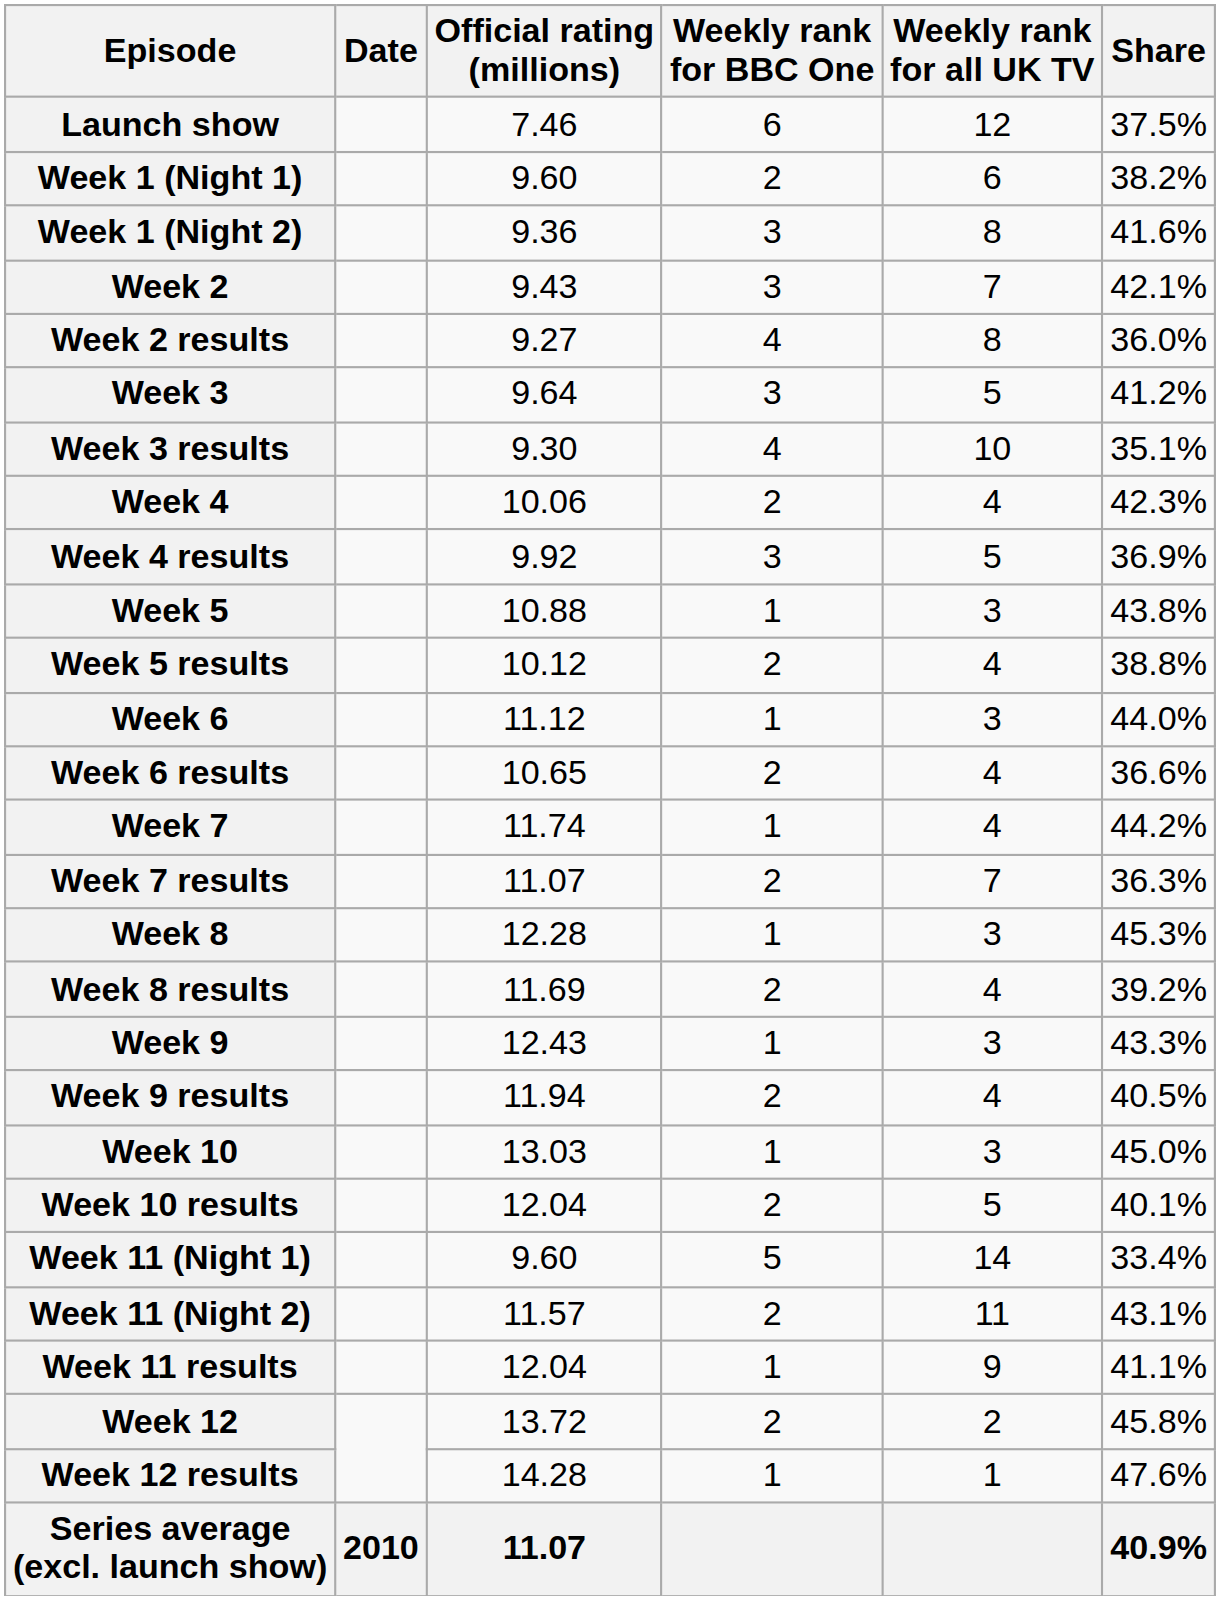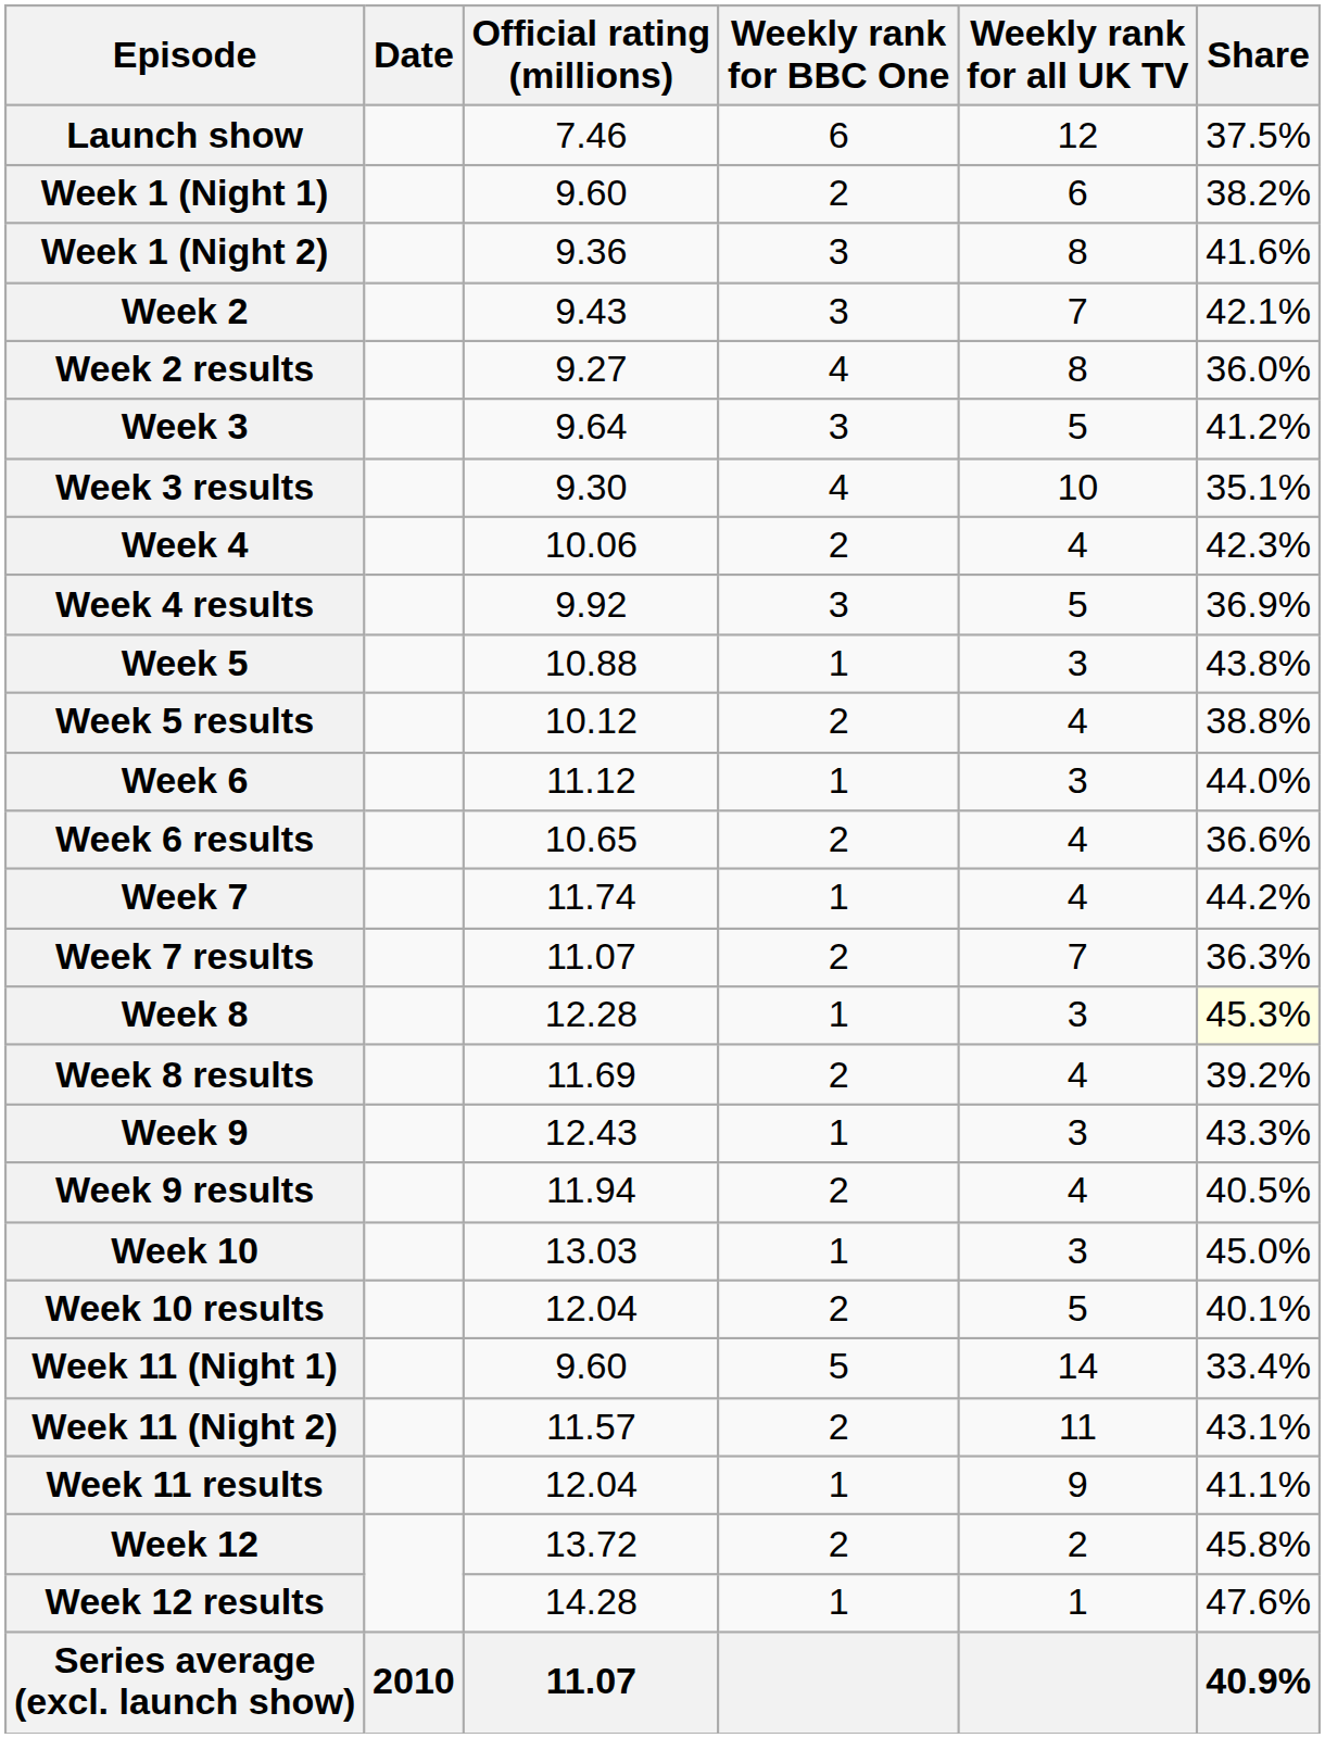 <table class="wikitable sortable" style="text-align:center">
 <tr>
 <th scope="col">Episode</th>
 <th scope="col">Date</th>
 <th scope="col">Official rating<br>(millions)</th>
 <th scope="col">Weekly rank<br>for BBC One</th>
 <th scope="col">Weekly rank<br>for all UK TV</th>
 <th scope="col">Share</th>
 </tr>
 <tr>
 <th scope="row">Launch show</th>
 <td></td>
 <td>7.46</td>
 <td>6</td>
 <td>12</td>
 <td>37.5%</td>
 </tr>
 <tr>
 <th scope="row">Week 1 (Night 1)</th>
 <td></td>
 <td>9.60</td>
 <td>2</td>
 <td>6</td>
 <td>38.2%</td>
 </tr>
 <tr>
 <th scope="row">Week 1 (Night 2)</th>
 <td></td>
 <td>9.36</td>
 <td>3</td>
 <td>8</td>
 <td>41.6%</td>
 </tr>
 <tr>
 <th scope="row">Week 2</th>
 <td></td>
 <td>9.43</td>
 <td>3</td>
 <td>7</td>
 <td>42.1%</td>
 </tr>
 <tr>
 <th scope="row">Week 2 results</th>
 <td></td>
 <td>9.27</td>
 <td>4</td>
 <td>8</td>
 <td>36.0%</td>
 </tr>
 <tr>
 <th scope="row">Week 3</th>
 <td></td>
 <td>9.64</td>
 <td>3</td>
 <td>5</td>
 <td>41.2%</td>
 </tr>
 <tr>
 <th scope="row">Week 3 results</th>
 <td></td>
 <td>9.30</td>
 <td>4</td>
 <td>10</td>
 <td>35.1%</td>
 </tr>
 <tr>
 <th scope="row">Week 4</th>
 <td></td>
 <td>10.06</td>
 <td>2</td>
 <td>4</td>
 <td>42.3%</td>
 </tr>
 <tr>
 <th scope="row">Week 4 results</th>
 <td></td>
 <td>9.92</td>
 <td>3</td>
 <td>5</td>
 <td>36.9%</td>
 </tr>
 <tr>
 <th scope="row">Week 5</th>
 <td></td>
 <td>10.88</td>
 <td>1</td>
 <td>3</td>
 <td>43.8%</td>
 </tr>
 <tr>
 <th scope="row">Week 5 results</th>
 <td></td>
 <td>10.12</td>
 <td>2</td>
 <td>4</td>
 <td>38.8%</td>
 </tr>
 <tr>
 <th scope="row">Week 6</th>
 <td></td>
 <td>11.12</td>
 <td>1</td>
 <td>3</td>
 <td>44.0%</td>
 </tr>
 <tr>
 <th scope="row">Week 6 results</th>
 <td></td>
 <td>10.65</td>
 <td>2</td>
 <td>4</td>
 <td>36.6%</td>
 </tr>
 <tr>
 <th scope="row">Week 7</th>
 <td></td>
 <td>11.74</td>
 <td>1</td>
 <td>4</td>
 <td>44.2%</td>
 </tr>
 <tr>
 <th scope="row">Week 7 results</th>
 <td></td>
 <td>11.07</td>
 <td>2</td>
 <td>7</td>
 <td>36.3%</td>
 </tr>
 <tr>
 <th scope="row">Week 8</th>
 <td></td>
 <td>12.28</td>
 <td>1</td>
 <td>3</td>
-<td>45.3%</td>
+<td style="background: lightyellow;">45.3%</td>
 </tr>
 <tr>
 <th scope="row">Week 8 results</th>
 <td></td>
 <td>11.69</td>
 <td>2</td>
 <td>4</td>
 <td>39.2%</td>
 </tr>
 <tr>
 <th scope="row">Week 9</th>
 <td></td>
 <td>12.43</td>
 <td>1</td>
 <td>3</td>
 <td>43.3%</td>
 </tr>
 <tr>
 <th scope="row">Week 9 results</th>
 <td></td>
 <td>11.94</td>
 <td>2</td>
 <td>4</td>
 <td>40.5%</td>
 </tr>
 <tr>
 <th scope="row">Week 10</th>
 <td></td>
 <td>13.03</td>
 <td>1</td>
 <td>3</td>
 <td>45.0%</td>
 </tr>
 <tr>
 <th scope="row">Week 10 results</th>
 <td></td>
 <td>12.04</td>
 <td>2</td>
 <td>5</td>
 <td>40.1%</td>
 </tr>
 <tr>
 <th scope="row">Week 11 (Night 1)</th>
 <td></td>
 <td>9.60</td>
 <td>5</td>
 <td>14</td>
 <td>33.4%</td>
 </tr>
 <tr>
 <th scope="row">Week 11 (Night 2)</th>
 <td></td>
 <td>11.57</td>
 <td>2</td>
 <td>11</td>
 <td>43.1%</td>
 </tr>
 <tr>
 <th scope="row">Week 11 results</th>
 <td></td>
 <td>12.04</td>
 <td>1</td>
 <td>9</td>
 <td>41.1%</td>
 </tr>
 <tr>
 <th scope="row">Week 12</th>
 <td rowspan="2"></td>
 <td>13.72</td>
 <td>2</td>
 <td>2</td>
 <td>45.8%</td>
 </tr>
 <tr>
 <th scope="row">Week 12 results</th>
 <td>14.28</td>
 <td>1</td>
 <td>1</td>
 <td>47.6%</td>
 </tr>
 <tr>
 <th>Series average<br>(excl. launch show)</th>
 <th>2010</th>
 <th>11.07</th>
 <th></th>
 <th></th>
 <th>40.9%</th>
 </tr>
 </table>
